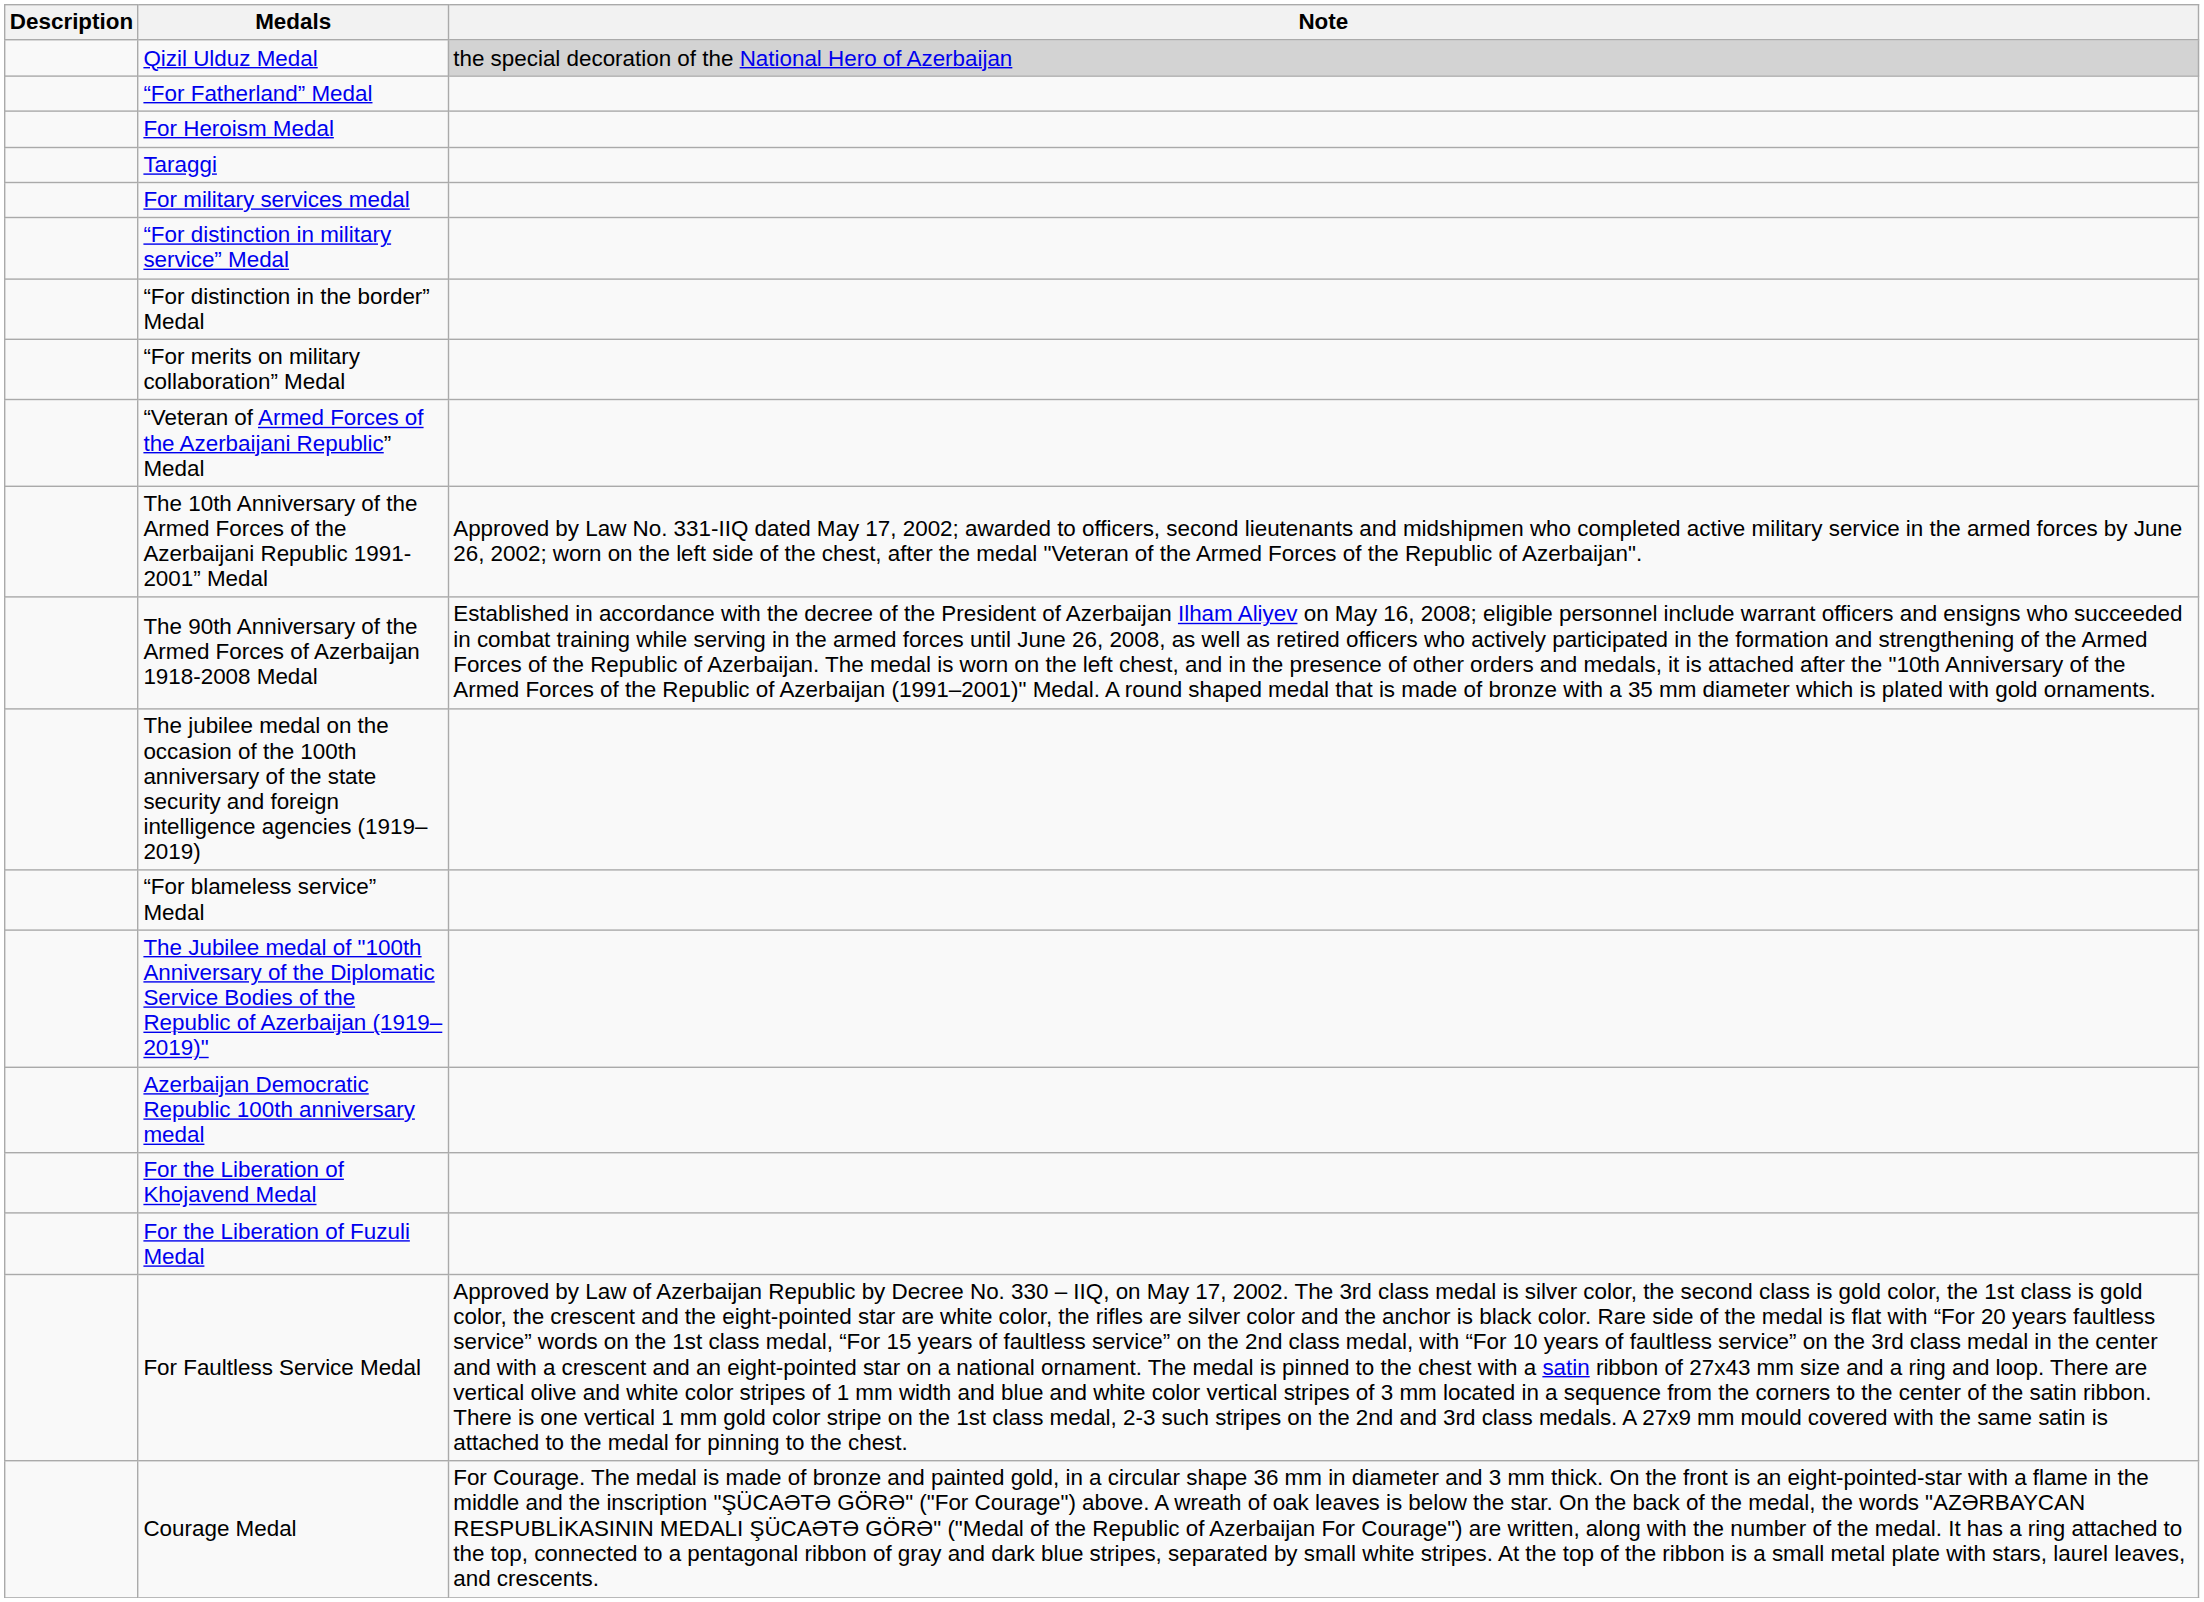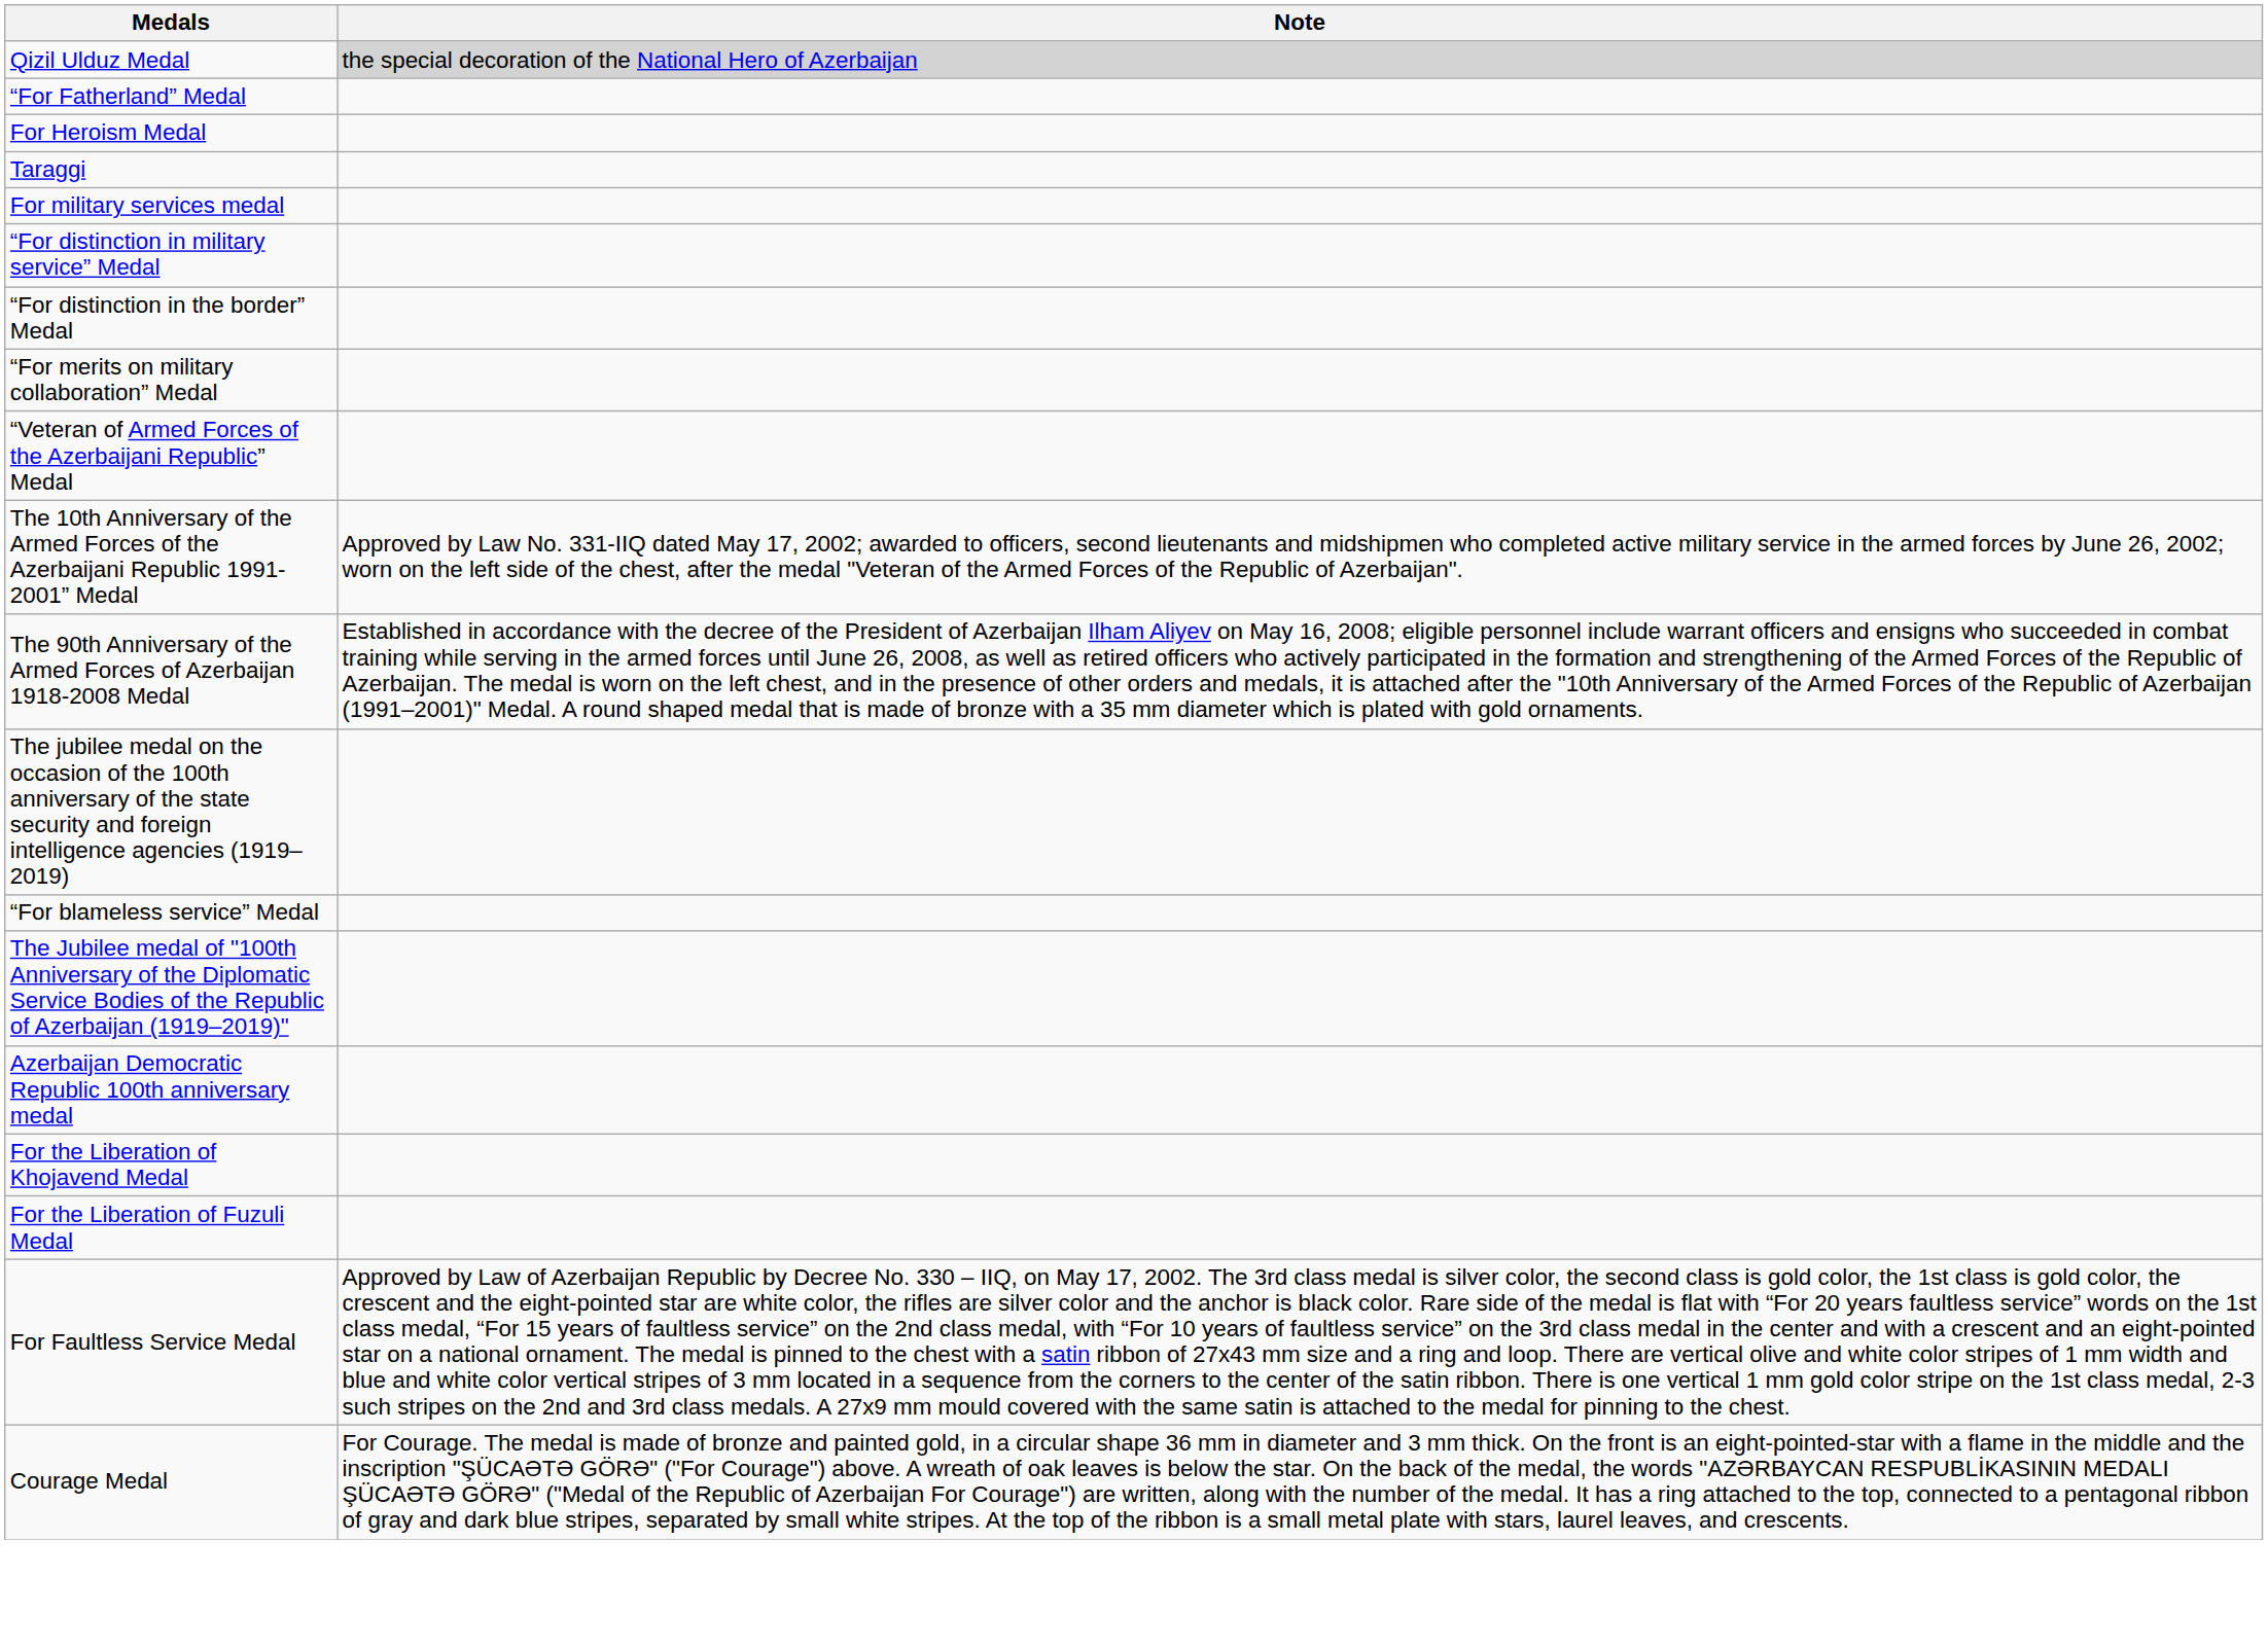 <table class="wikitable">
 <tr>
-<th>Description</th>
 <th>Medals</th>
 <th>Note</th>
 </tr>
 <tr>
-<td></td>
 <td><a href='#'>Qizil Ulduz Medal</a></td>
 <td style="background: lightgrey;">the special decoration of the <a href='#'>National Hero of Azerbaijan</a></td>
 </tr>
 <tr>
-<td></td>
 <td><a href='#'>“For Fatherland” Medal</a></td>
 <td></td>
 </tr>
 <tr>
-<td></td>
 <td><a href='#'>For Heroism Medal</a></td>
 <td></td>
 </tr>
 <tr>
-<td></td>
 <td><a href='#'>Taraggi</a></td>
 <td></td>
 </tr>
 <tr>
-<td></td>
 <td><a href='#'>For military services medal</a></td>
 <td></td>
 </tr>
 <tr>
-<td></td>
 <td><a href='#'> “For distinction in military service” Medal</a></td>
 <td></td>
 </tr>
 <tr>
-<td></td>
 <td>“For distinction in the border” Medal</td>
 <td></td>
 </tr>
 <tr>
-<td></td>
 <td>“For merits on military collaboration” Medal</td>
 <td></td>
 </tr>
 <tr>
-<td></td>
 <td>“Veteran of <a href='#'>Armed Forces of the Azerbaijani Republic</a>” Medal</td>
 <td></td>
 </tr>
 <tr>
-<td></td>
 <td><span>The 10th Anniversary of the Armed Forces of the Azerbaijani Republic 1991-2001” Medal</span></td>
 <td>Approved by Law No. 331-IIQ dated May 17, 2002; awarded to officers, second lieutenants and midshipmen who completed active military service in the armed forces by June 26, 2002; worn on the left side of the chest, after the medal "Veteran of the Armed Forces of the Republic of Azerbaijan".</td>
 </tr>
 <tr>
-<td></td>
 <td><span>The 90th Anniversary of the Armed Forces of Azerbaijan 1918-2008 Medal</span></td>
 <td>Established in accordance with the decree of the President of Azerbaijan <a href='#'>Ilham Aliyev</a> on May 16, 2008; eligible personnel include warrant officers and ensigns who succeeded in combat training while serving in the armed forces  until June 26, 2008, as well as retired officers who actively participated in the formation and strengthening of the Armed Forces of the Republic of Azerbaijan. The medal is worn on the left chest, and in the presence of other orders and medals, it is attached after the "10th Anniversary of the Armed Forces of the Republic of Azerbaijan (1991–2001)" Medal. A round shaped medal that is made of bronze with a 35 mm diameter which is plated with gold ornaments.</td>
 </tr>
 <tr>
-<td></td>
 <td>The jubilee medal on the occasion of the 100th anniversary of the state security and foreign intelligence agencies (1919–2019)</td>
 <td></td>
 </tr>
 <tr>
-<td></td>
 <td>“For blameless service” Medal</td>
 <td></td>
 </tr>
 <tr>
-<td></td>
 <td><a href='#'>The Jubilee medal of "100th Anniversary of the Diplomatic Service Bodies of the Republic of Azerbaijan (1919–2019)"</a></td>
 <td></td>
 </tr>
 <tr>
-<td></td>
 <td><a href='#'>Azerbaijan Democratic Republic 100th anniversary medal</a></td>
 <td></td>
 </tr>
 <tr>
-<td></td>
 <td><a href='#'>For the Liberation of Khojavend Medal</a></td>
 <td></td>
 </tr>
 <tr>
-<td></td>
 <td><a href='#'>For the Liberation of Fuzuli Medal</a></td>
 <td></td>
 </tr>
 <tr>
-<td></td>
 <td><span>For Faultless Service Medal</span></td>
 <td>Approved by Law of Azerbaijan Republic by Decree No. 330 – IIQ, on May 17, 2002. The 3rd class medal is silver color, the second class is gold color, the 1st class is gold color, the crescent and the eight-pointed star are white color, the rifles are silver color and the anchor is black color. Rare side of the medal is flat with “For 20 years faultless service” words on the 1st class medal, “For 15 years of faultless service” on the 2nd class medal, with “For 10 years of faultless service” on the 3rd class medal in the center and with a crescent and an eight-pointed star on a national ornament. The medal is pinned to the chest with a <a href='#'>satin</a> ribbon of 27x43 mm size and a ring and loop. There are vertical olive and white color stripes of 1 mm width and blue and white color vertical stripes of 3 mm located in a sequence from the corners to the center of the satin ribbon. There is one vertical 1 mm gold color stripe on the 1st class medal, 2-3 such stripes on the 2nd and 3rd class medals. A 27x9 mm mould covered with the same satin is attached to the medal for pinning to the chest.</td>
 </tr>
 <tr>
-<td></td>
 <td><span>Courage Medal</span></td>
 <td>For Courage. The medal is made of bronze and painted gold, in a circular shape 36 mm in diameter and 3 mm thick. On the front is an eight-pointed-star with a flame in the middle and the inscription "ŞÜCAƏTƏ GÖRƏ" ("For Courage") above. A wreath of oak leaves is below the star. On the back of the medal, the words "AZƏRBAYCAN RESPUBLİKASININ MEDALI ŞÜCAƏTƏ GÖRƏ" ("Medal of the Republic of Azerbaijan For Courage") are written, along with the number of the medal. It has a ring attached to the top, connected to a pentagonal ribbon of gray and dark blue stripes, separated by small white stripes. At the top of the ribbon is a small metal plate with stars, laurel leaves, and crescents.</td>
 </tr>
 </table>
